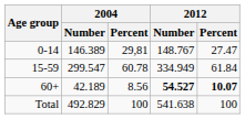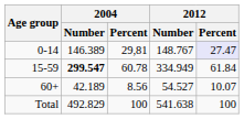 <table class="wikitable">
 <tr>
 <th rowspan=2>Age group</th>
 <th colspan=2>2004</th>
 <th colspan=2>2012</th>
 </tr>
 <tr>
 <th>Number</th>
 <th>Percent</th>
 <th>Number</th>
 <th>Percent</th>
 </tr>
 <tr>
 <td align="right">0-14</td>
 <td align="right">146.389</td>
 <td align="right">29,81</td>
 <td align="right">148.767</td>
-<td align="right">27.47</td>
+<td align="right" style="background: lavender;">27.47</td>
 </tr>
 <tr>
 <td align="right">15-59</td>
-<td align="right">299.547</td>
+<td align="right"><strong>299.547</strong></td>
 <td align="right">60.78</td>
 <td align="right">334.949</td>
 <td align="right">61.84</td>
 </tr>
 <tr>
 <td align="right">60+</td>
 <td align="right">42.189</td>
 <td align="right">8.56</td>
-<td align="right"><strong>54.527</strong></td>
-<td align="right"><strong>10.07</strong></td>
+<td align="right">54.527</td>
+<td align="right">10.07</td>
 </tr>
 <tr>
 <td align="right">Total</td>
 <td align="right">492.829</td>
 <td align="right">100</td>
 <td align="right">541.638</td>
 <td align="right">100</td>
 </tr>
 </table>
